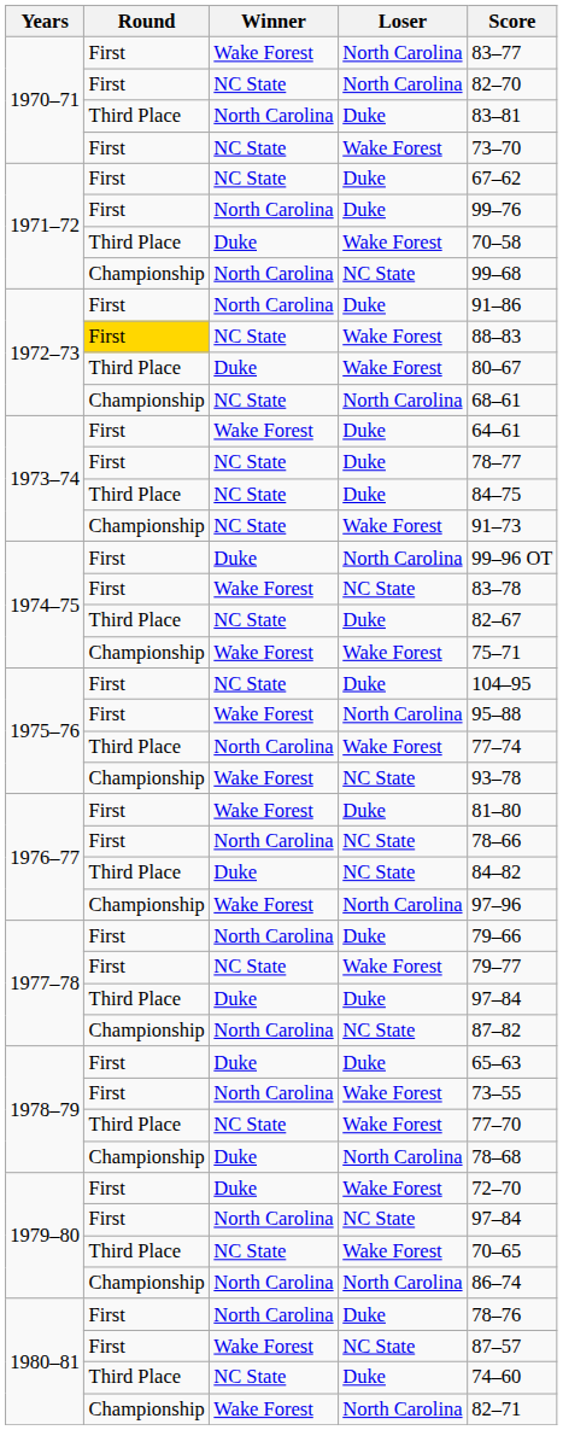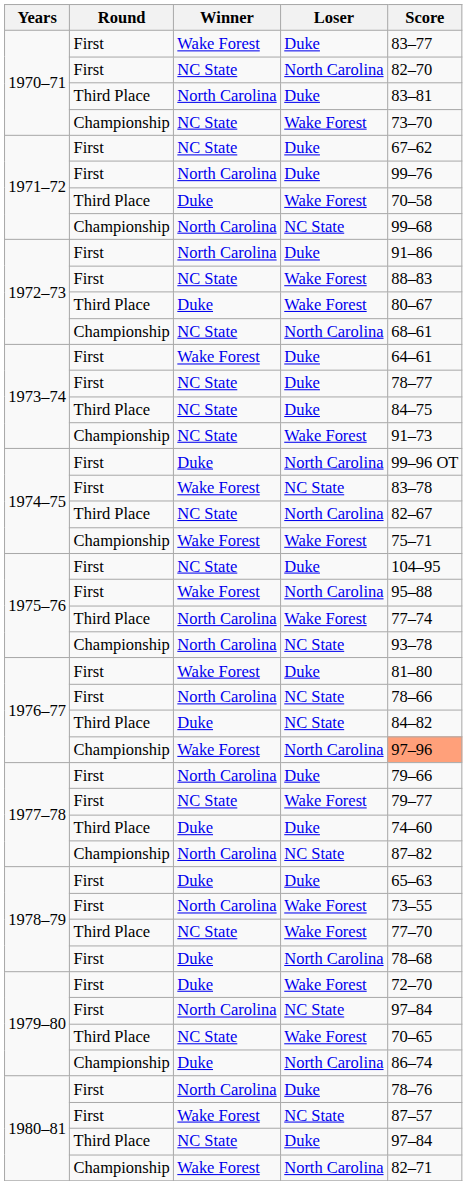 <table class="wikitable sortable">
 <tr>
 <th>Years</th>
 <th>Round</th>
 <th>Winner</th>
 <th>Loser</th>
 <th>Score</th>
 </tr>
 <tr>
 <td rowspan=4>1970–71</td>
 <td>First</td>
 <td><a href='#'>Wake Forest</a></td>
-<td><a href='#'>North Carolina</a></td>
+<td><a href='#'>Duke</a></td>
 <td>83–77</td>
 </tr>
 <tr>
 <td>First</td>
 <td><a href='#'>NC State</a></td>
 <td><a href='#'>North Carolina</a></td>
 <td>82–70</td>
 </tr>
 <tr>
 <td>Third Place</td>
 <td><a href='#'>North Carolina</a></td>
 <td><a href='#'>Duke</a></td>
 <td>83–81</td>
 </tr>
 <tr>
-<td>First</td>
+<td>Championship</td>
 <td><a href='#'>NC State</a></td>
 <td><a href='#'>Wake Forest</a></td>
 <td>73–70</td>
 </tr>
 <tr>
 <td rowspan=4>1971–72</td>
 <td>First</td>
 <td><a href='#'>NC State</a></td>
 <td><a href='#'>Duke</a></td>
 <td>67–62</td>
 </tr>
 <tr>
 <td>First</td>
 <td><a href='#'>North Carolina</a></td>
 <td><a href='#'>Duke</a></td>
 <td>99–76</td>
 </tr>
 <tr>
 <td>Third Place</td>
 <td><a href='#'>Duke</a></td>
 <td><a href='#'>Wake Forest</a></td>
 <td>70–58</td>
 </tr>
 <tr>
 <td>Championship</td>
 <td><a href='#'>North Carolina</a></td>
 <td><a href='#'>NC State</a></td>
 <td>99–68</td>
 </tr>
 <tr>
 <td rowspan=4>1972–73</td>
 <td>First</td>
 <td><a href='#'>North Carolina</a></td>
 <td><a href='#'>Duke</a></td>
 <td>91–86</td>
 </tr>
 <tr>
-<td style="background: gold;">First</td>
+<td>First</td>
 <td><a href='#'>NC State</a></td>
 <td><a href='#'>Wake Forest</a></td>
 <td>88–83</td>
 </tr>
 <tr>
 <td>Third Place</td>
 <td><a href='#'>Duke</a></td>
 <td><a href='#'>Wake Forest</a></td>
 <td>80–67</td>
 </tr>
 <tr>
 <td>Championship</td>
 <td><a href='#'>NC State</a></td>
 <td><a href='#'>North Carolina</a></td>
 <td>68–61</td>
 </tr>
 <tr>
 <td rowspan=4>1973–74</td>
 <td>First</td>
 <td><a href='#'>Wake Forest</a></td>
 <td><a href='#'>Duke</a></td>
 <td>64–61</td>
 </tr>
 <tr>
 <td>First</td>
 <td><a href='#'>NC State</a></td>
 <td><a href='#'>Duke</a></td>
 <td>78–77</td>
 </tr>
 <tr>
 <td>Third Place</td>
 <td><a href='#'>NC State</a></td>
 <td><a href='#'>Duke</a></td>
 <td>84–75</td>
 </tr>
 <tr>
 <td>Championship</td>
 <td><a href='#'>NC State</a></td>
 <td><a href='#'>Wake Forest</a></td>
 <td>91–73</td>
 </tr>
 <tr>
 <td rowspan=4>1974–75</td>
 <td>First</td>
 <td><a href='#'>Duke</a></td>
 <td><a href='#'>North Carolina</a></td>
 <td>99–96 OT</td>
 </tr>
 <tr>
 <td>First</td>
 <td><a href='#'>Wake Forest</a></td>
 <td><a href='#'>NC State</a></td>
 <td>83–78</td>
 </tr>
 <tr>
 <td>Third Place</td>
 <td><a href='#'>NC State</a></td>
-<td><a href='#'>Duke</a></td>
+<td><a href='#'>North Carolina</a></td>
 <td>82–67</td>
 </tr>
 <tr>
 <td>Championship</td>
 <td><a href='#'>Wake Forest</a></td>
 <td><a href='#'>Wake Forest</a></td>
 <td>75–71</td>
 </tr>
 <tr>
 <td rowspan=4>1975–76</td>
 <td>First</td>
 <td><a href='#'>NC State</a></td>
 <td><a href='#'>Duke</a></td>
 <td>104–95</td>
 </tr>
 <tr>
 <td>First</td>
 <td><a href='#'>Wake Forest</a></td>
 <td><a href='#'>North Carolina</a></td>
 <td>95–88</td>
 </tr>
 <tr>
 <td>Third Place</td>
 <td><a href='#'>North Carolina</a></td>
 <td><a href='#'>Wake Forest</a></td>
 <td>77–74</td>
 </tr>
 <tr>
 <td>Championship</td>
-<td><a href='#'>Wake Forest</a></td>
+<td><a href='#'>North Carolina</a></td>
 <td><a href='#'>NC State</a></td>
 <td>93–78</td>
 </tr>
 <tr>
 <td rowspan=4>1976–77</td>
 <td>First</td>
 <td><a href='#'>Wake Forest</a></td>
 <td><a href='#'>Duke</a></td>
 <td>81–80</td>
 </tr>
 <tr>
 <td>First</td>
 <td><a href='#'>North Carolina</a></td>
 <td><a href='#'>NC State</a></td>
 <td>78–66</td>
 </tr>
 <tr>
 <td>Third Place</td>
 <td><a href='#'>Duke</a></td>
 <td><a href='#'>NC State</a></td>
 <td>84–82</td>
 </tr>
 <tr>
 <td>Championship</td>
 <td><a href='#'>Wake Forest</a></td>
 <td><a href='#'>North Carolina</a></td>
-<td>97–96</td>
+<td style="background: lightsalmon;">97–96</td>
 </tr>
 <tr>
 <td rowspan=4>1977–78</td>
 <td>First</td>
 <td><a href='#'>North Carolina</a></td>
 <td><a href='#'>Duke</a></td>
 <td>79–66</td>
 </tr>
 <tr>
 <td>First</td>
 <td><a href='#'>NC State</a></td>
 <td><a href='#'>Wake Forest</a></td>
 <td>79–77</td>
 </tr>
 <tr>
 <td>Third Place</td>
 <td><a href='#'>Duke</a></td>
 <td><a href='#'>Duke</a></td>
-<td>97–84</td>
+<td>74–60</td>
 </tr>
 <tr>
 <td>Championship</td>
 <td><a href='#'>North Carolina</a></td>
 <td><a href='#'>NC State</a></td>
 <td>87–82</td>
 </tr>
 <tr>
 <td rowspan=4>1978–79</td>
 <td>First</td>
 <td><a href='#'>Duke</a></td>
 <td><a href='#'>Duke</a></td>
 <td>65–63</td>
 </tr>
 <tr>
 <td>First</td>
 <td><a href='#'>North Carolina</a></td>
 <td><a href='#'>Wake Forest</a></td>
 <td>73–55</td>
 </tr>
 <tr>
 <td>Third Place</td>
 <td><a href='#'>NC State</a></td>
 <td><a href='#'>Wake Forest</a></td>
 <td>77–70</td>
 </tr>
 <tr>
-<td>Championship</td>
+<td>First</td>
 <td><a href='#'>Duke</a></td>
 <td><a href='#'>North Carolina</a></td>
 <td>78–68</td>
 </tr>
 <tr>
 <td rowspan=4>1979–80</td>
 <td>First</td>
 <td><a href='#'>Duke</a></td>
 <td><a href='#'>Wake Forest</a></td>
 <td>72–70</td>
 </tr>
 <tr>
 <td>First</td>
 <td><a href='#'>North Carolina</a></td>
 <td><a href='#'>NC State</a></td>
 <td>97–84</td>
 </tr>
 <tr>
 <td>Third Place</td>
 <td><a href='#'>NC State</a></td>
 <td><a href='#'>Wake Forest</a></td>
 <td>70–65</td>
 </tr>
 <tr>
 <td>Championship</td>
-<td><a href='#'>North Carolina</a></td>
+<td><a href='#'>Duke</a></td>
 <td><a href='#'>North Carolina</a></td>
 <td>86–74</td>
 </tr>
 <tr>
 <td rowspan=4>1980–81</td>
 <td>First</td>
 <td><a href='#'>North Carolina</a></td>
 <td><a href='#'>Duke</a></td>
 <td>78–76</td>
 </tr>
 <tr>
 <td>First</td>
 <td><a href='#'>Wake Forest</a></td>
 <td><a href='#'>NC State</a></td>
 <td>87–57</td>
 </tr>
 <tr>
 <td>Third Place</td>
 <td><a href='#'>NC State</a></td>
 <td><a href='#'>Duke</a></td>
-<td>74–60</td>
+<td>97–84</td>
 </tr>
 <tr>
 <td>Championship</td>
 <td><a href='#'>Wake Forest</a></td>
 <td><a href='#'>North Carolina</a></td>
 <td>82–71</td>
 </tr>
 </table>
